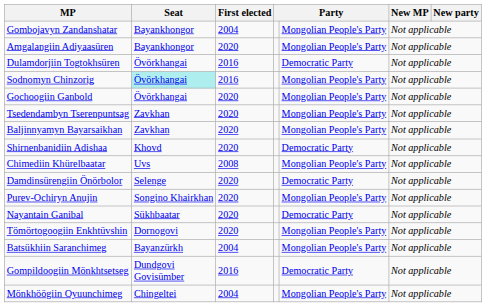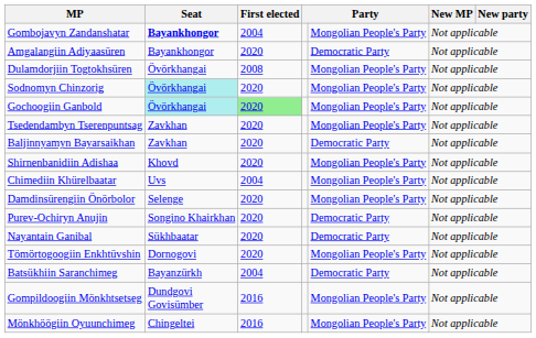 <table class="wikitable sortable" style="font-size:95%">
 <tr>
 <th>MP</th>
 <th>Seat</th>
 <th>First elected</th>
 <th colspan="2">Party</th>
 <th>New MP</th>
 <th colspan="2">New party</th>
 </tr>
 <tr>
 <td><a href='#'>Gombojavyn Zandanshatar</a></td>
-<td><a href='#'>Bayankhongor</a></td>
+<td><strong><a href='#'>Bayankhongor</a></strong></td>
 <td><a href='#'>2004</a></td>
 <td width="1"></td>
 <td><a href='#'>Mongolian People's Party</a></td>
 <td colspan="3" !><em>Not applicable</em></td>
 </tr>
 <tr>
 <td><a href='#'>Amgalangiin Adiyaasüren</a></td>
 <td><a href='#'>Bayankhongor</a></td>
 <td><a href='#'>2020</a></td>
 <td width="1"></td>
-<td><a href='#'>Mongolian People's Party</a></td>
+<td><a href='#'>Democratic Party</a></td>
 <td colspan="3" !><em>Not applicable</em></td>
 </tr>
 <tr>
 <td><a href='#'>Dulamdorjiin Togtokhsüren</a></td>
 <td><a href='#'>Övörkhangai</a></td>
-<td><a href='#'>2016</a></td>
+<td><a href='#'>2008</a></td>
 <td width="1"></td>
-<td><a href='#'>Democratic Party</a></td>
+<td><a href='#'>Mongolian People's Party</a></td>
 <td colspan="3" !><em>Not applicable</em></td>
 </tr>
 <tr>
 <td><a href='#'>Sodnomyn Chinzorig</a></td>
 <td style="background: paleturquoise;"><a href='#'>Övörkhangai</a></td>
-<td><a href='#'>2016</a></td>
+<td><a href='#'>2020</a></td>
 <td width="1"></td>
 <td><a href='#'>Mongolian People's Party</a></td>
 <td colspan="3" !><em>Not applicable</em></td>
 </tr>
 <tr>
 <td><a href='#'>Gochoogiin Ganbold</a></td>
-<td><a href='#'>Övörkhangai</a></td>
-<td><a href='#'>2020</a></td>
+<td style="background: paleturquoise;"><a href='#'>Övörkhangai</a></td>
+<td style="background: lightgreen;"><a href='#'>2020</a></td>
 <td width="1"></td>
 <td><a href='#'>Mongolian People's Party</a></td>
 <td colspan="3" !><em>Not applicable</em></td>
 </tr>
 <tr>
 <td><a href='#'>Tsedendambyn Tserenpuntsag</a></td>
 <td><a href='#'>Zavkhan</a></td>
 <td><a href='#'>2020</a></td>
 <td width="1"></td>
 <td><a href='#'>Mongolian People's Party</a></td>
 <td colspan="3" !><em>Not applicable</em></td>
 </tr>
 <tr>
 <td><a href='#'>Baljinnyamyn Bayarsaikhan</a></td>
 <td><a href='#'>Zavkhan</a></td>
 <td><a href='#'>2020</a></td>
 <td width="1"></td>
-<td><a href='#'>Mongolian People's Party</a></td>
+<td><a href='#'>Democratic Party</a></td>
 <td colspan="3" !><em>Not applicable</em></td>
 </tr>
 <tr>
 <td><a href='#'>Shirnenbanidiin Adishaa</a></td>
 <td><a href='#'>Khovd</a></td>
 <td><a href='#'>2020</a></td>
 <td width="1"></td>
-<td><a href='#'>Democratic Party</a></td>
+<td><a href='#'>Mongolian People's Party</a></td>
 <td colspan="3" !><em>Not applicable</em></td>
 </tr>
 <tr>
 <td><a href='#'>Chimediin Khürelbaatar</a></td>
 <td><a href='#'>Uvs</a></td>
-<td><a href='#'>2008</a></td>
+<td><a href='#'>2004</a></td>
 <td width="1"></td>
 <td><a href='#'>Mongolian People's Party</a></td>
 <td colspan="3" !><em>Not applicable</em></td>
 </tr>
 <tr>
 <td><a href='#'>Damdinsürengiin Önörbolor</a></td>
 <td><a href='#'>Selenge</a></td>
 <td><a href='#'>2020</a></td>
 <td width="1"></td>
-<td><a href='#'>Democratic Party</a></td>
+<td><a href='#'>Mongolian People's Party</a></td>
 <td colspan="3" !><em>Not applicable</em></td>
 </tr>
 <tr>
 <td><a href='#'>Purev-Ochiryn Anujin</a></td>
 <td><a href='#'>Songino Khairkhan</a></td>
 <td><a href='#'>2020</a></td>
 <td width="1"></td>
-<td><a href='#'>Mongolian People's Party</a></td>
+<td><a href='#'>Democratic Party</a></td>
 <td colspan="3" !><em>Not applicable</em></td>
 </tr>
 <tr>
 <td><a href='#'>Nayantain Ganibal</a></td>
 <td><a href='#'>Sükhbaatar</a></td>
 <td><a href='#'>2020</a></td>
 <td width="1"></td>
 <td><a href='#'>Democratic Party</a></td>
 <td colspan="3" !><em>Not applicable</em></td>
 </tr>
 <tr>
 <td><a href='#'>Tömörtogoogiin Enkhtüvshin</a></td>
 <td><a href='#'>Dornogovi</a></td>
 <td><a href='#'>2020</a></td>
 <td width="1"></td>
 <td><a href='#'>Mongolian People's Party</a></td>
 <td colspan="3" !><em>Not applicable</em></td>
 </tr>
 <tr>
 <td><a href='#'>Batsükhiin Saranchimeg</a></td>
 <td><a href='#'>Bayanzürkh</a></td>
 <td><a href='#'>2004</a></td>
 <td width="1"></td>
-<td><a href='#'>Mongolian People's Party</a></td>
+<td><a href='#'>Democratic Party</a></td>
 <td colspan="3" !><em>Not applicable</em></td>
 </tr>
 <tr>
 <td><a href='#'>Gompildoogiin Mönkhtsetseg</a></td>
 <td><a href='#'>Dundgovi</a><br><a href='#'>Govisümber</a></td>
 <td><a href='#'>2016</a></td>
 <td width="1"></td>
-<td><a href='#'>Democratic Party</a></td>
+<td><a href='#'>Mongolian People's Party</a></td>
 <td colspan="3" !><em>Not applicable</em></td>
 </tr>
 <tr>
 <td><a href='#'>Mönkhöögiin Oyuunchimeg</a></td>
 <td><a href='#'>Chingeltei</a></td>
-<td><a href='#'>2004</a></td>
+<td><a href='#'>2016</a></td>
 <td width="1"></td>
 <td><a href='#'>Mongolian People's Party</a></td>
 <td colspan="3" !><em>Not applicable</em></td>
 </tr>
 </table>
